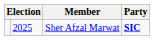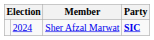 <table class="wikitable">
 <tr>
 <th colspan="2">Election</th>
 <th>Member</th>
 <th>Party</th>
 </tr>
 <tr>
 <td style="background-color: "></td>
-<td><a href='#'>2025</a></td>
+<td><a href='#'>2024</a></td>
 <td><a href='#'>Sher Afzal Marwat</a></td>
 <td><strong><a href='#'>SIC</a></strong></td>
 </tr>
 </table>
